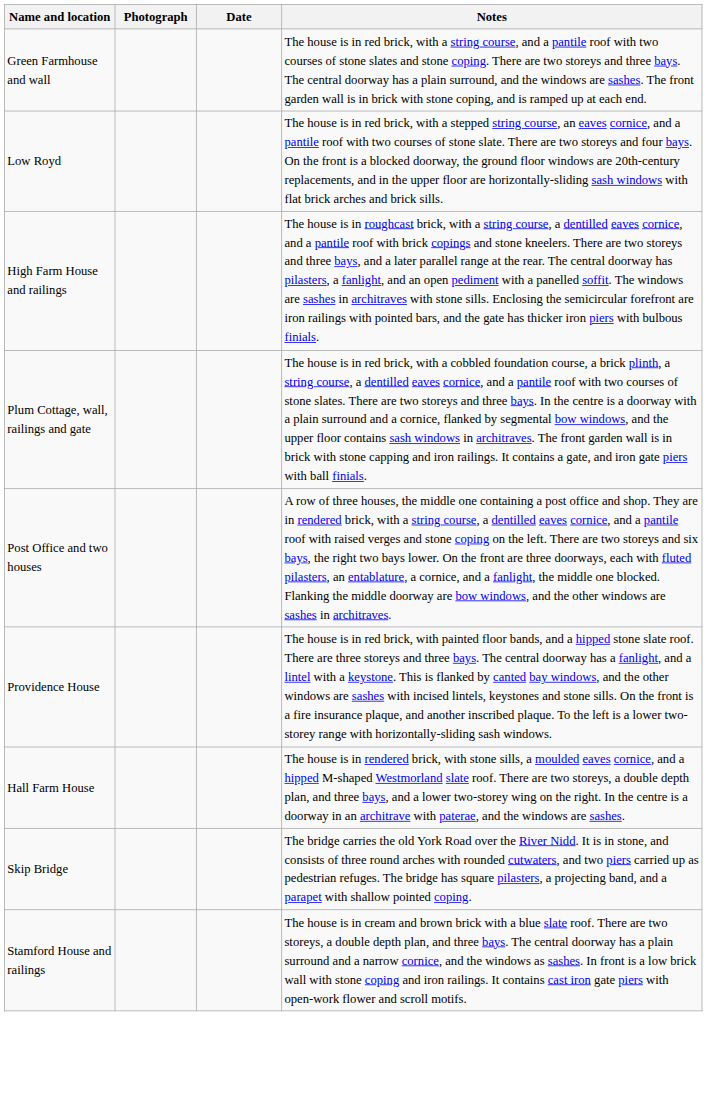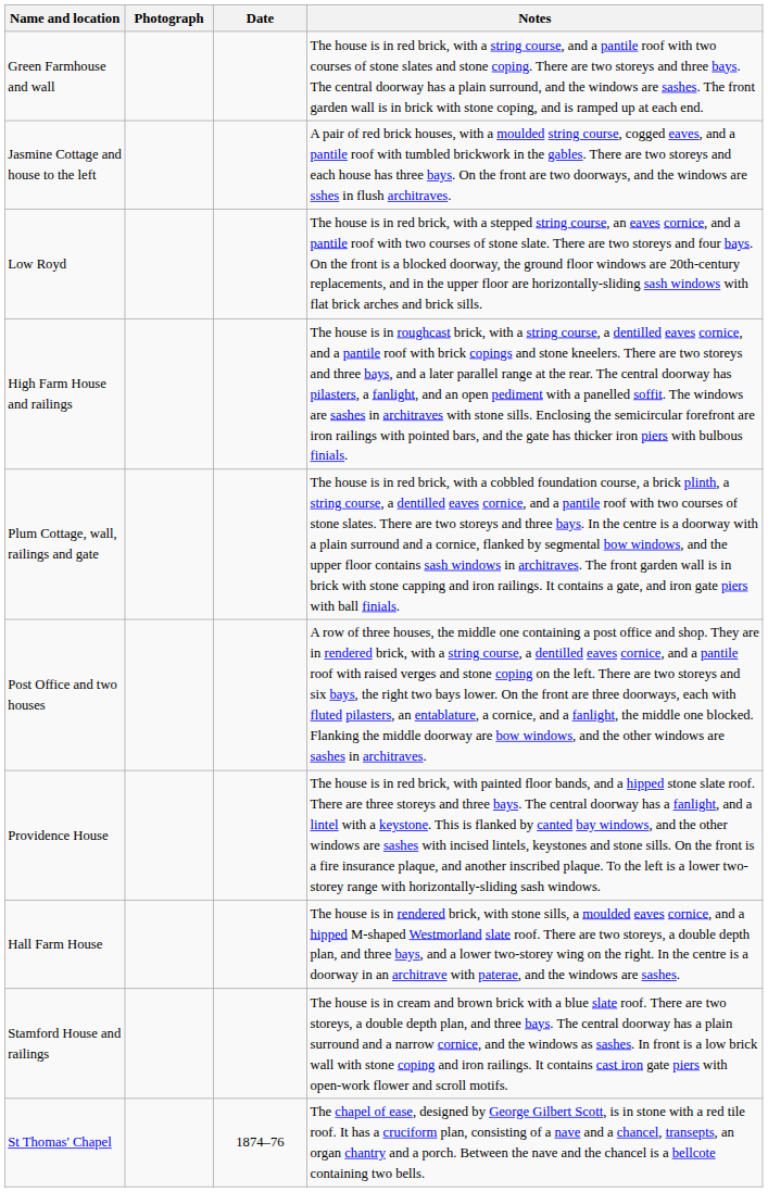 <table class="wikitable sortable plainrowheaders" style="width:100%;border:0px;text-align:left;line-height:150%;">
 <tr>
 <th scope="col"  style="width:150px">Name and location</th>
 <th scope="col"  style="width:100px" class="unsortable">Photograph</th>
 <th scope="col"  style="width:120px">Date</th>
 <th scope="col"  style="width:650px" class="unsortable">Notes</th>
 </tr>
 <tr>
 <td>Green Farmhouse and wall<br><small></small></td>
 <td></td>
 <td align="center"></td>
 <td>The house is in red brick, with a <a href='#'>string course</a>, and a <a href='#'>pantile</a> roof with two courses of stone slates and stone <a href='#'>coping</a>.  There are two storeys and three <a href='#'>bays</a>.  The central doorway has a plain surround, and the windows are <a href='#'>sashes</a>.  The front garden wall is in brick with stone coping, and is ramped up at each end.</td>
+</tr>
+<tr>
+<td>Jasmine Cottage and house to the left<br><small></small></td>
+<td></td>
+<td align="center"></td>
+<td>A pair of red brick houses, with a <a href='#'>moulded</a> <a href='#'>string course</a>, cogged <a href='#'>eaves</a>, and a <a href='#'>pantile</a> roof with tumbled brickwork in the <a href='#'>gables</a>.  There are two storeys and each house has three <a href='#'>bays</a>.  On the front are two doorways, and the windows are <a href='#'>sshes</a> in flush <a href='#'>architraves</a>.</td>
 </tr>
 <tr>
 <td>Low Royd<br><small></small></td>
 <td></td>
 <td align="center"></td>
 <td>The house is in red brick, with a stepped <a href='#'>string course</a>, an <a href='#'>eaves</a> <a href='#'>cornice</a>, and a <a href='#'>pantile</a> roof with two courses of stone slate.  There are two storeys and four <a href='#'>bays</a>.  On the front is a blocked doorway, the ground floor windows are 20th-century replacements, and in the upper floor are horizontally-sliding <a href='#'>sash windows</a> with flat brick arches and brick sills.</td>
 </tr>
 <tr>
 <td>High Farm House and railings<br><small></small></td>
 <td></td>
 <td align="center"></td>
 <td>The house is in <a href='#'>roughcast</a> brick, with a <a href='#'>string course</a>, a <a href='#'>dentilled</a> <a href='#'>eaves</a> <a href='#'>cornice</a>, and a <a href='#'>pantile</a> roof with brick <a href='#'>copings</a> and stone kneelers.  There are two storeys and three <a href='#'>bays</a>, and a later parallel range at the rear.  The central doorway has <a href='#'>pilasters</a>, a <a href='#'>fanlight</a>, and an open <a href='#'>pediment</a> with a panelled <a href='#'>soffit</a>.  The windows are <a href='#'>sashes</a> in <a href='#'>architraves</a> with stone sills.  Enclosing the semicircular forefront are iron railings with pointed bars, and the gate has thicker iron <a href='#'>piers</a> with bulbous <a href='#'>finials</a>.</td>
 </tr>
 <tr>
 <td>Plum Cottage, wall, railings and gate<br><small></small></td>
 <td></td>
 <td align="center"></td>
 <td>The house is in red brick, with a cobbled foundation course, a brick <a href='#'>plinth</a>, a <a href='#'>string course</a>, a <a href='#'>dentilled</a> <a href='#'>eaves</a> <a href='#'>cornice</a>, and a <a href='#'>pantile</a> roof with two courses of stone slates.  There are two storeys and three <a href='#'>bays</a>.  In the centre is a doorway with a plain surround and a cornice, flanked by segmental <a href='#'>bow windows</a>, and the upper floor contains <a href='#'>sash windows</a> in <a href='#'>architraves</a>.  The front garden wall is in brick with stone capping and iron railings.  It contains a gate, and iron gate <a href='#'>piers</a> with ball <a href='#'>finials</a>.</td>
 </tr>
 <tr>
 <td>Post Office and two houses<br><small></small></td>
 <td></td>
 <td align="center"></td>
 <td>A row of three houses, the middle one containing a post office and shop.  They are in <a href='#'>rendered</a> brick, with a <a href='#'>string course</a>, a <a href='#'>dentilled</a> <a href='#'>eaves</a> <a href='#'>cornice</a>, and a <a href='#'>pantile</a> roof with raised verges and stone <a href='#'>coping</a> on the left.  There are two storeys and six <a href='#'>bays</a>, the right two bays lower.  On the front are three doorways, each with <a href='#'>fluted</a> <a href='#'>pilasters</a>, an <a href='#'>entablature</a>, a cornice, and a <a href='#'>fanlight</a>, the middle one blocked.  Flanking the middle doorway are <a href='#'>bow windows</a>, and the other windows are <a href='#'>sashes</a> in <a href='#'>architraves</a>.</td>
 </tr>
 <tr>
 <td>Providence House<br><small></small></td>
 <td></td>
 <td align="center"></td>
 <td>The house is in red brick, with painted floor bands, and a <a href='#'>hipped</a> stone slate roof.  There are three storeys and three <a href='#'>bays</a>.  The central doorway has a <a href='#'>fanlight</a>, and a <a href='#'>lintel</a> with a <a href='#'>keystone</a>.  This is flanked by <a href='#'>canted</a> <a href='#'>bay windows</a>, and the other windows are <a href='#'>sashes</a> with incised lintels, keystones and stone sills.  On the front is a fire insurance plaque, and another inscribed plaque.  To the left is a lower two-storey range with horizontally-sliding sash windows.</td>
 </tr>
 <tr>
 <td>Hall Farm House<br><small></small></td>
 <td></td>
 <td align="center"></td>
 <td>The house is in <a href='#'>rendered</a> brick, with stone sills, a <a href='#'>moulded</a> <a href='#'>eaves</a> <a href='#'>cornice</a>, and a <a href='#'>hipped</a> M-shaped <a href='#'>Westmorland</a> <a href='#'>slate</a> roof.  There are two storeys, a double depth plan, and three <a href='#'>bays</a>, and a lower two-storey wing on the right.  In the centre is a doorway in an <a href='#'>architrave</a> with <a href='#'>paterae</a>, and the windows are <a href='#'>sashes</a>.</td>
 </tr>
 <tr>
-<td>Skip Bridge<br><small></small></td>
-<td></td>
-<td align="center"></td>
-<td>The bridge carries the old York Road over the <a href='#'>River Nidd</a>.  It is in stone, and consists of three round arches with rounded <a href='#'>cutwaters</a>, and two <a href='#'>piers</a> carried up as pedestrian refuges.  The bridge has square <a href='#'>pilasters</a>, a projecting band, and a <a href='#'>parapet</a> with shallow pointed <a href='#'>coping</a>.</td>
-</tr>
-<tr>
 <td>Stamford House and railings<br><small></small></td>
 <td></td>
 <td align="center"></td>
 <td>The house is in cream and brown brick with a blue <a href='#'>slate</a> roof.  There are two storeys, a double depth plan, and three <a href='#'>bays</a>.  The central doorway has a plain surround and a narrow <a href='#'>cornice</a>, and the windows as <a href='#'>sashes</a>.  In front is a low brick wall with stone <a href='#'>coping</a> and iron railings.  It contains <a href='#'>cast iron</a> gate <a href='#'>piers</a> with open-work flower and scroll motifs.</td>
 </tr>
 <tr>
+<td><a href='#'>St Thomas' Chapel</a><br><small></small></td>
+<td></td>
+<td align="center">1874–76</td>
+<td>The <a href='#'>chapel of ease</a>, designed by <a href='#'>George Gilbert Scott</a>, is in stone with a red tile roof.  It has a <a href='#'>cruciform</a> plan, consisting of a <a href='#'>nave</a> and a <a href='#'>chancel</a>, <a href='#'>transepts</a>, an organ <a href='#'>chantry</a> and a porch.  Between the nave and the chancel is a <a href='#'>bellcote</a> containing two bells.</td>
+</tr>
+<tr>
 </tr>
 </table>
